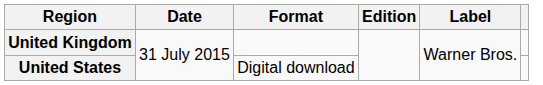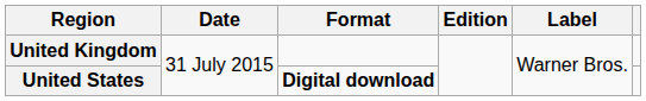 <table class="wikitable plainrowheaders">
 <tr>
 <th scope="col">Region</th>
 <th scope="col">Date</th>
 <th scope="col">Format</th>
 <th scope="col">Edition</th>
 <th scope="col">Label</th>
 <th scope="col"></th>
 </tr>
 <tr>
 <th scope="row">United Kingdom</th>
 <td rowspan="2">31 July 2015</td>
 <td></td>
 <td rowspan="2"></td>
 <td rowspan="2">Warner Bros.</td>
 <td></td>
 </tr>
 <tr>
 <th scope="row">United States</th>
-<td>Digital download</td>
+<td><strong>Digital download</strong></td>
 <td></td>
 </tr>
 </table>
